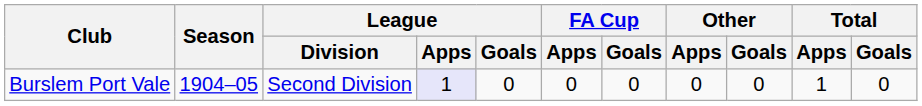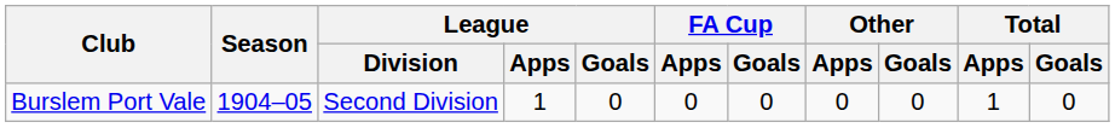 <table class="wikitable" style="text-align:center">
 <tr>
 <th rowspan="2">Club</th>
 <th rowspan="2">Season</th>
 <th colspan="3">League</th>
 <th colspan="2"><a href='#'>FA Cup</a></th>
 <th colspan="2">Other</th>
 <th colspan="2">Total</th>
 </tr>
 <tr>
 <th>Division</th>
 <th>Apps</th>
 <th>Goals</th>
 <th>Apps</th>
 <th>Goals</th>
 <th>Apps</th>
 <th>Goals</th>
 <th>Apps</th>
 <th>Goals</th>
 </tr>
 <tr>
 <td><a href='#'>Burslem Port Vale</a></td>
 <td><a href='#'>1904–05</a></td>
 <td><a href='#'>Second Division</a></td>
-<td style="background: lavender;">1</td>
+<td>1</td>
 <td>0</td>
 <td>0</td>
 <td>0</td>
 <td>0</td>
 <td>0</td>
 <td>1</td>
 <td>0</td>
 </tr>
 </table>
